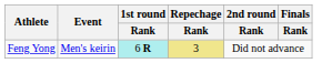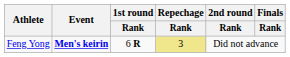 <table class=wikitable style="font-size:90%">
 <tr>
 <th rowspan="2">Athlete</th>
 <th rowspan="2">Event</th>
 <th>1st round</th>
 <th>Repechage</th>
 <th>2nd round</th>
 <th>Finals</th>
 </tr>
 <tr style="font-size:95%">
 <th>Rank</th>
 <th>Rank</th>
 <th>Rank</th>
 <th>Rank</th>
 </tr>
 <tr align=center>
 <td align=left><a href='#'>Feng Yong</a></td>
-<td align=left><a href='#'>Men's keirin</a></td>
-<td style="background: paleturquoise;">6 <strong>R</strong></td>
+<td align=left><strong><a href='#'>Men's keirin</a></strong></td>
+<td>6 <strong>R</strong></td>
 <td style="background: khaki;">3</td>
 <td colspan=2>Did not advance</td>
 </tr>
 </table>
